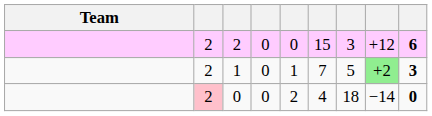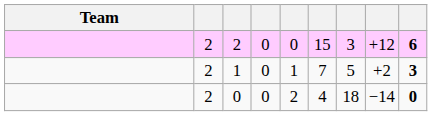 <table class="wikitable" style="text-align: center;">
 <tr>
 <th width="175">Team</th>
 <th width="20"></th>
 <th width="20"></th>
 <th width="20"></th>
 <th width="20"></th>
 <th width="20"></th>
 <th width="20"></th>
 <th width="20"></th>
 <th width="20"></th>
 </tr>
 <tr style="background-color: #ffccff;">
 <td align=left></td>
 <td>2</td>
 <td>2</td>
 <td>0</td>
 <td>0</td>
 <td>15</td>
 <td>3</td>
 <td>+12</td>
 <td><strong>6</strong></td>
 </tr>
 <tr>
 <td align=left></td>
 <td>2</td>
 <td>1</td>
 <td>0</td>
 <td>1</td>
 <td>7</td>
 <td>5</td>
-<td style="background: lightgreen;">+2</td>
+<td>+2</td>
 <td><strong>3</strong></td>
 </tr>
 <tr>
 <td align=left></td>
-<td style="background: pink;">2</td>
+<td>2</td>
 <td>0</td>
 <td>0</td>
 <td>2</td>
 <td>4</td>
 <td>18</td>
 <td>−14</td>
 <td><strong>0</strong></td>
 </tr>
 </table>
